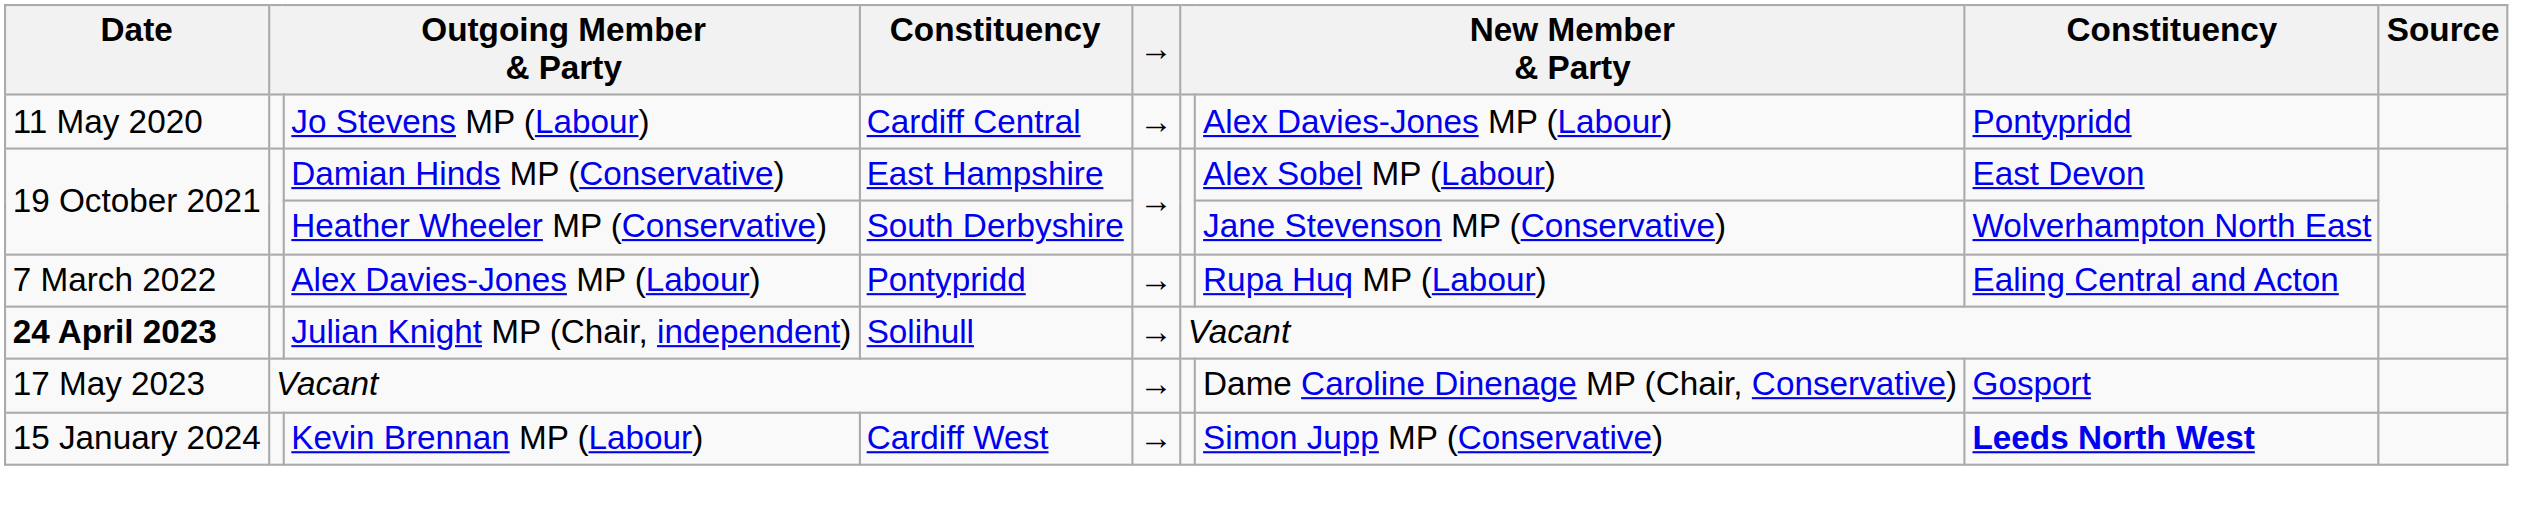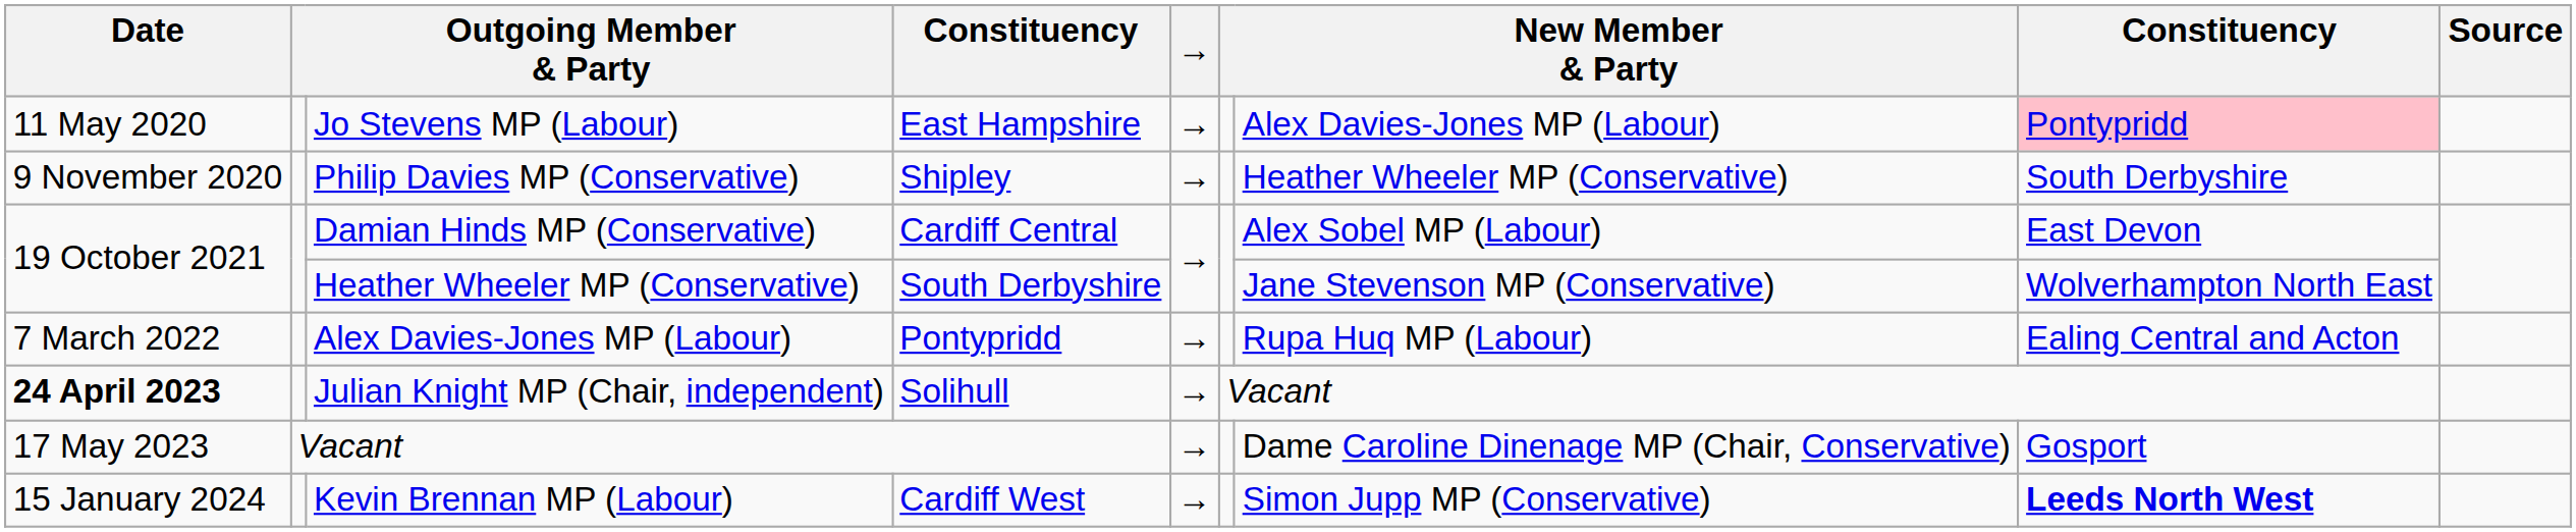 <table class="wikitable">
 <tr>
 <th valign="top">Date</th>
 <th colspan="2" valign="top">Outgoing Member<br>& Party</th>
 <th valign="top">Constituency</th>
 <th>→</th>
 <th colspan="2" valign="top">New Member<br>& Party</th>
 <th valign="top">Constituency</th>
 <th valign="top">Source</th>
 </tr>
 <tr>
 <td>11 May 2020</td>
 <td style="color:inherit;background:"></td>
 <td><a href='#'>Jo Stevens</a> MP (<a href='#'>Labour</a>)</td>
-<td><a href='#'>Cardiff Central</a></td>
+<td><a href='#'>East Hampshire</a></td>
 <td>→</td>
 <td style="color:inherit;background:"></td>
 <td><a href='#'>Alex Davies-Jones</a> MP (<a href='#'>Labour</a>)</td>
-<td><a href='#'>Pontypridd</a></td>
+<td style="background: pink;"><a href='#'>Pontypridd</a></td>
+<td></td>
+</tr>
+<tr>
+<td>9 November 2020</td>
+<td style="color:inherit;background:"></td>
+<td><a href='#'>Philip Davies</a> MP (<a href='#'>Conservative</a>)</td>
+<td><a href='#'>Shipley</a></td>
+<td>→</td>
+<td style="color:inherit;background:"></td>
+<td><a href='#'>Heather Wheeler</a> MP (<a href='#'>Conservative</a>)</td>
+<td><a href='#'>South Derbyshire</a></td>
 <td></td>
 </tr>
 <tr>
 <td rowspan=2>19 October 2021</td>
 <td rowspan=2 style="color:inherit;background:"></td>
 <td><a href='#'>Damian Hinds</a> MP (<a href='#'>Conservative</a>)</td>
-<td><a href='#'>East Hampshire</a></td>
+<td><a href='#'>Cardiff Central</a></td>
 <td rowspan=2>→</td>
 <td rowspan=2 style="color:inherit;background:"></td>
 <td><a href='#'>Alex Sobel</a> MP (<a href='#'>Labour</a>)</td>
 <td><a href='#'>East Devon</a></td>
 <td rowspan=2></td>
 </tr>
 <tr>
 <td><a href='#'>Heather Wheeler</a> MP (<a href='#'>Conservative</a>)</td>
 <td><a href='#'>South Derbyshire</a></td>
 <td><a href='#'>Jane Stevenson</a> MP (<a href='#'>Conservative</a>)</td>
 <td><a href='#'>Wolverhampton North East</a></td>
 </tr>
 <tr>
 <td>7 March 2022</td>
 <td style="color:inherit;background:"></td>
 <td><a href='#'>Alex Davies-Jones</a> MP (<a href='#'>Labour</a>)</td>
 <td><a href='#'>Pontypridd</a></td>
 <td>→</td>
 <td style="color:inherit;background:"></td>
 <td><a href='#'>Rupa Huq</a> MP (<a href='#'>Labour</a>)</td>
 <td><a href='#'>Ealing Central and Acton</a></td>
 <td></td>
 </tr>
 <tr>
 <td><strong>24 April 2023</strong></td>
 <td style="color:inherit;background:"></td>
 <td><a href='#'>Julian Knight</a> MP (Chair, <a href='#'>independent</a>)</td>
 <td><a href='#'>Solihull</a></td>
 <td>→</td>
 <td colspan=3><em>Vacant</em></td>
 <td></td>
 </tr>
 <tr>
 <td>17 May 2023</td>
 <td colspan=3><em>Vacant</em></td>
 <td>→</td>
 <td style="color:inherit;background:"></td>
 <td>Dame  <a href='#'>Caroline Dinenage</a> MP (Chair, <a href='#'>Conservative</a>)</td>
 <td><a href='#'>Gosport</a></td>
 <td></td>
 </tr>
 <tr>
 <td>15 January 2024</td>
 <td style="color:inherit;background:"></td>
 <td><a href='#'>Kevin Brennan</a> MP (<a href='#'>Labour</a>)</td>
 <td><a href='#'>Cardiff West</a></td>
 <td>→</td>
 <td style="color:inherit;background:"></td>
 <td><a href='#'>Simon Jupp</a> MP (<a href='#'>Conservative</a>)</td>
 <td><strong><a href='#'>Leeds North West</a></strong></td>
 <td></td>
 </tr>
 </table>
